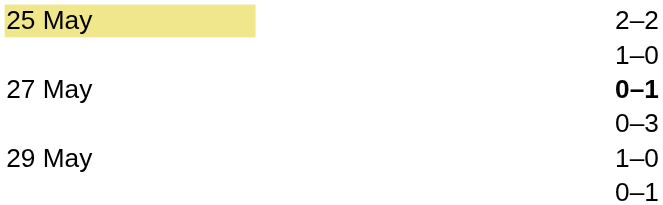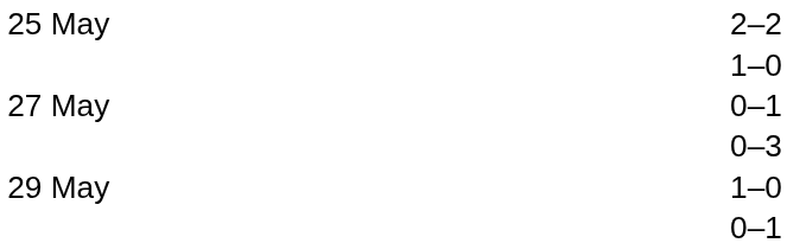 <table cellspacing=1 width=70%>
 <tr>
 <th width=25%></th>
 <th width=30%></th>
 <th width=15%></th>
 <th width=30%></th>
 </tr>
 <tr>
-<td style="background: khaki;">25 May</td>
+<td>25 May</td>
 <td align=right></td>
 <td align=center>2–2</td>
 <td></td>
 </tr>
 <tr>
 <td></td>
 <td align=right></td>
 <td align=center>1–0</td>
 <td></td>
 </tr>
 <tr>
 <td>27 May</td>
 <td align=right></td>
-<td align=center><strong>0–1</strong></td>
+<td align=center>0–1</td>
 <td></td>
 </tr>
 <tr>
 <td></td>
 <td align=right></td>
 <td align=center>0–3</td>
 <td></td>
 </tr>
 <tr>
 <td>29 May</td>
 <td align=right></td>
 <td align=center>1–0</td>
 <td></td>
 </tr>
 <tr>
 <td></td>
 <td align=right></td>
 <td align=center>0–1</td>
 <td></td>
 </tr>
 </table>
